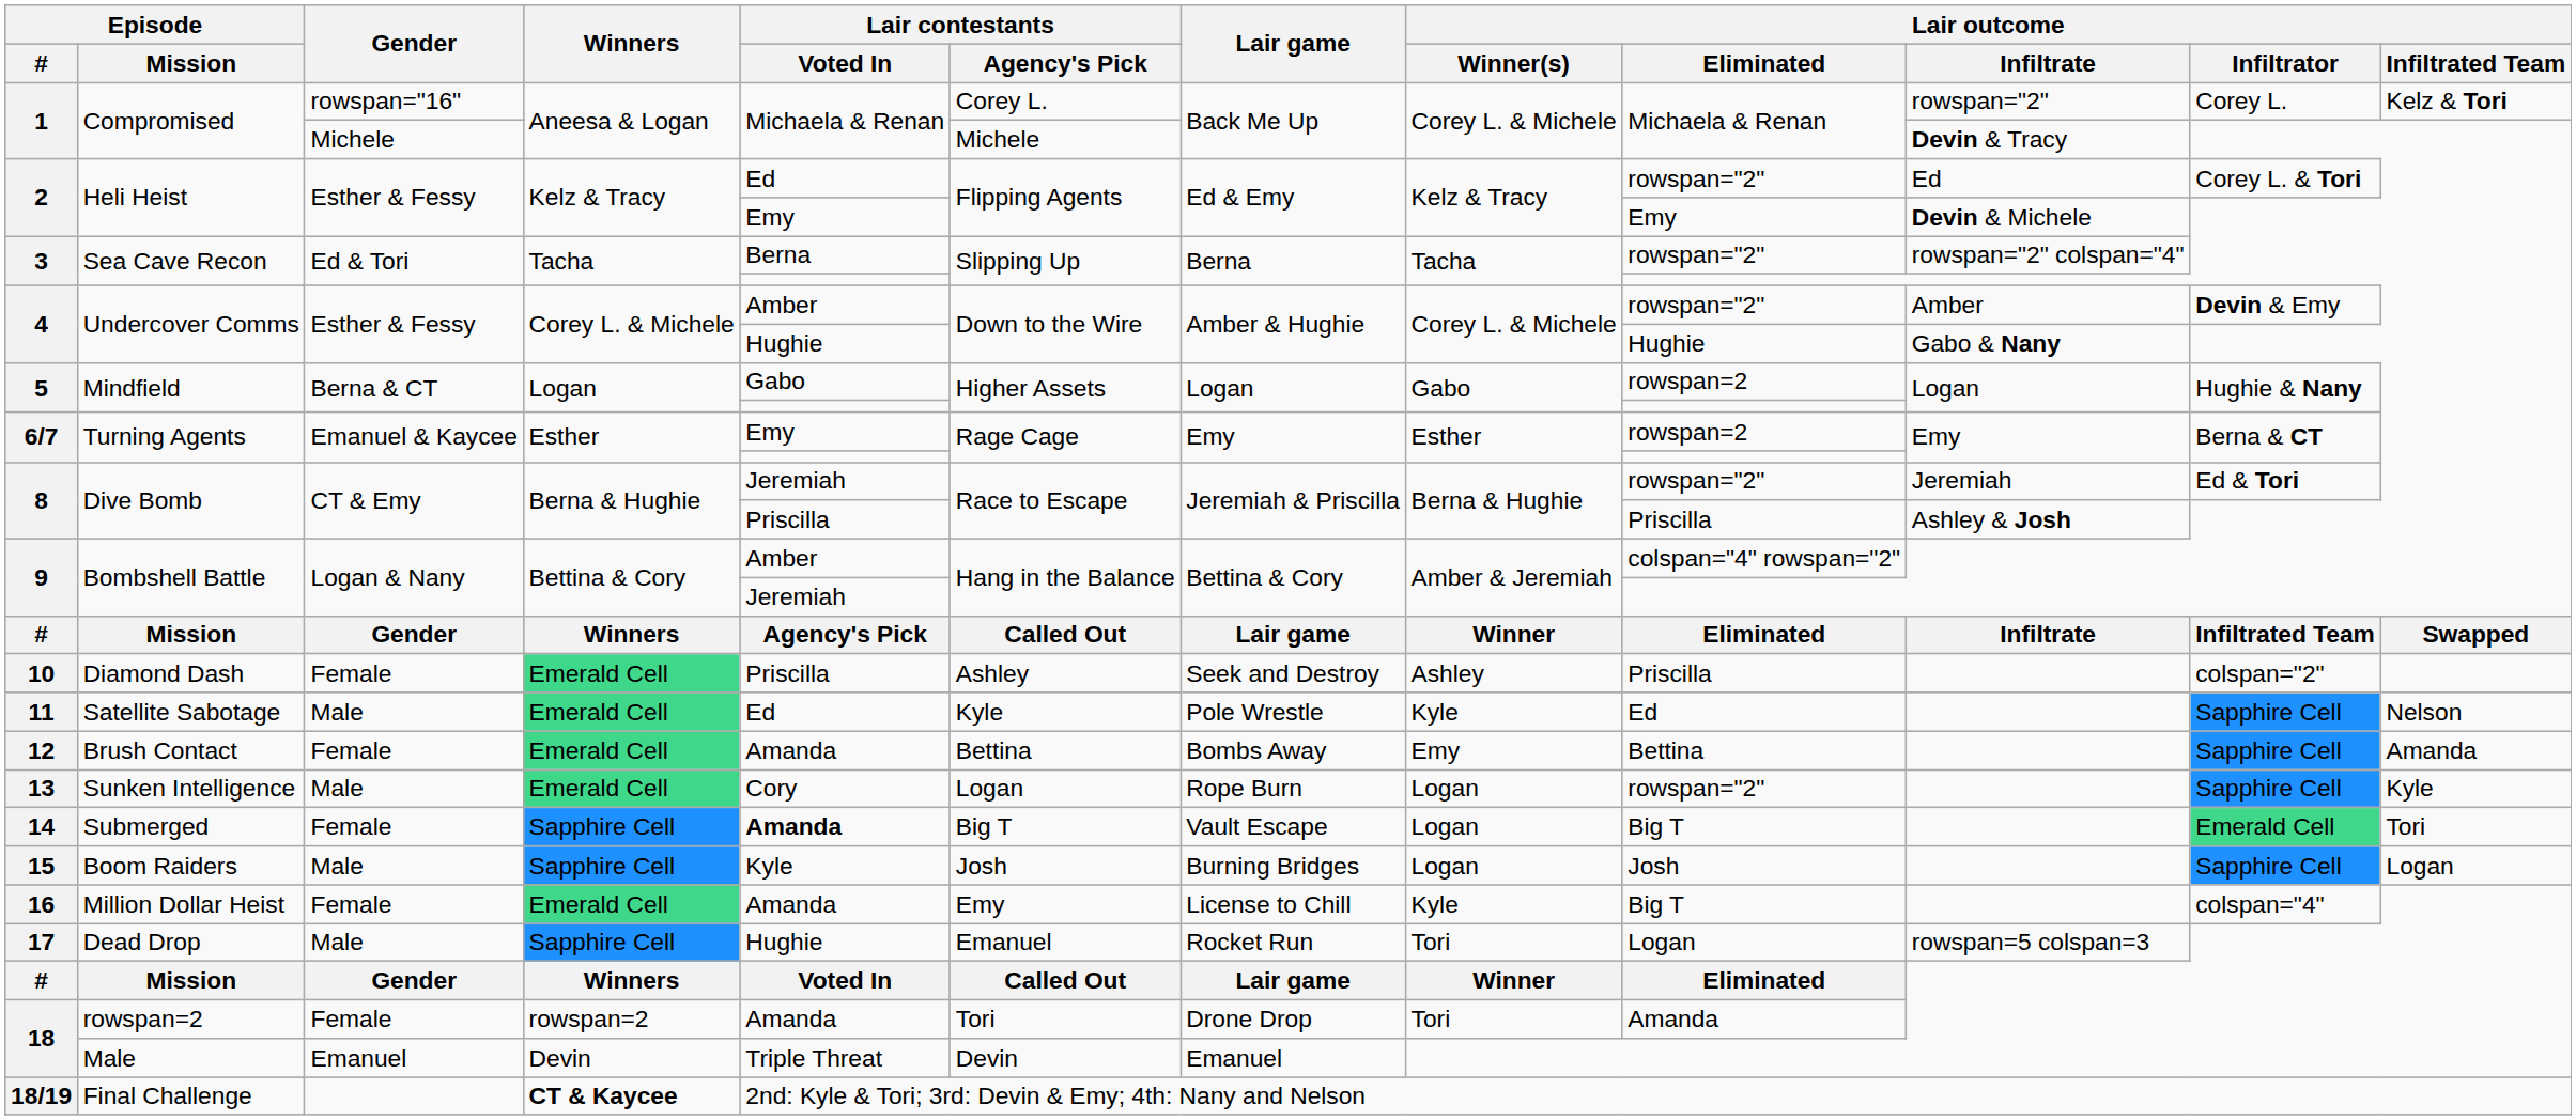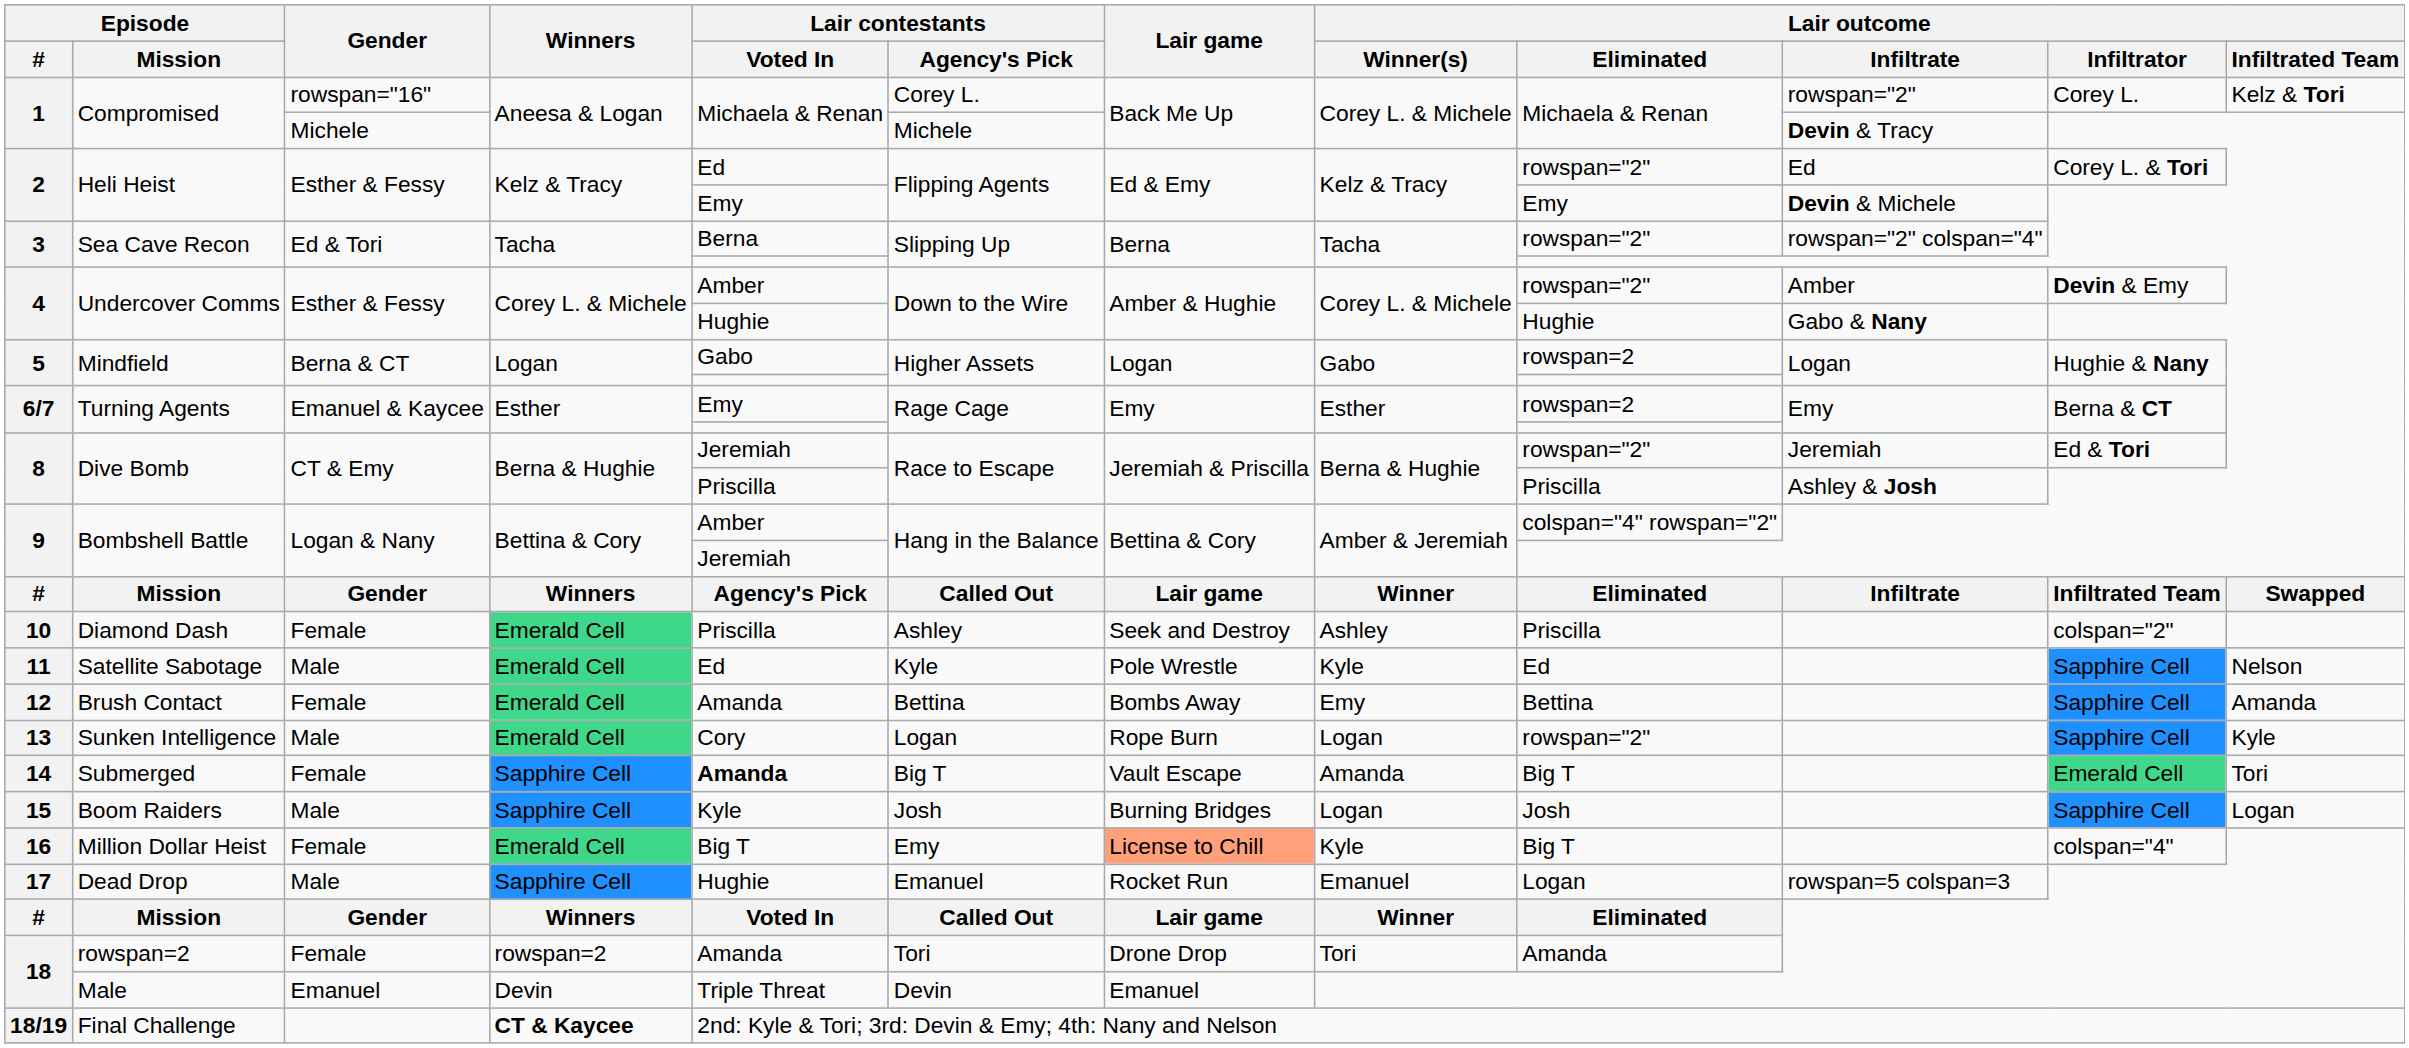 <table class="wikitable" style="font-size:90%; white-space:nowrap">
 <tr>
 <th colspan="2">Episode</th>
 <th rowspan="2">Gender</th>
 <th rowspan="2">Winners</th>
 <th colspan="2">Lair contestants</th>
 <th rowspan="2">Lair game</th>
 <th colspan="5">Lair outcome</th>
 </tr>
 <tr>
 <th>#</th>
 <th>Mission</th>
 <th>Voted In</th>
 <th>Agency's Pick</th>
 <th>Winner(s)</th>
 <th>Eliminated</th>
 <th>Infiltrate</th>
 <th>Infiltrator</th>
 <th>Infiltrated Team</th>
 </tr>
 <tr>
 <th rowspan="2">1</th>
 <td rowspan="2">Compromised</td>
 <td>rowspan="16" </td>
 <td rowspan="2">Aneesa & Logan</td>
 <td rowspan="2">Michaela & Renan</td>
 <td>Corey L.</td>
 <td rowspan="2">Back Me Up</td>
 <td rowspan="2">Corey L. & Michele</td>
 <td rowspan="2">Michaela & Renan</td>
 <td>rowspan="2" </td>
 <td>Corey L.</td>
 <td>Kelz & <strong>Tori</strong></td>
 </tr>
 <tr>
 <td>Michele</td>
 <td>Michele</td>
 <td><strong>Devin</strong> & Tracy</td>
 </tr>
 <tr>
 <th rowspan="2">2</th>
 <td rowspan="2">Heli Heist</td>
 <td rowspan="2">Esther & Fessy</td>
 <td rowspan="2">Kelz & Tracy</td>
 <td>Ed</td>
 <td rowspan="2">Flipping Agents</td>
 <td rowspan="2">Ed & Emy</td>
 <td rowspan="2">Kelz & Tracy</td>
 <td>rowspan="2" </td>
 <td>Ed</td>
 <td>Corey L. & <strong>Tori</strong></td>
 </tr>
 <tr>
 <td>Emy</td>
 <td>Emy</td>
 <td><strong>Devin</strong> & Michele</td>
 </tr>
 <tr>
 <th rowspan="2">3</th>
 <td rowspan="2">Sea Cave Recon</td>
 <td rowspan="2">Ed & Tori</td>
 <td rowspan="2"> Tacha</td>
 <td>Berna</td>
 <td rowspan="2">Slipping Up</td>
 <td rowspan="2">Berna</td>
 <td rowspan="2">Tacha</td>
 <td>rowspan="2" </td>
 <td>rowspan="2" colspan="4" </td>
 </tr>
 <tr>
 <td></td>
 </tr>
 <tr>
 <th rowspan="2">4</th>
 <td rowspan="2">Undercover Comms</td>
 <td rowspan="2">Esther & Fessy</td>
 <td rowspan="2">Corey L. & Michele</td>
 <td>Amber</td>
 <td rowspan="2">Down to the Wire</td>
 <td rowspan="2">Amber & Hughie</td>
 <td rowspan="2">Corey L. & Michele</td>
 <td>rowspan="2" </td>
 <td>Amber</td>
 <td><strong>Devin</strong> & Emy</td>
 </tr>
 <tr>
 <td>Hughie</td>
 <td>Hughie</td>
 <td>Gabo & <strong>Nany</strong></td>
 </tr>
 <tr>
 <th rowspan=2>5</th>
 <td rowspan=2>Mindfield</td>
 <td rowspan=2>Berna & CT</td>
 <td rowspan=2> Logan</td>
 <td>Gabo</td>
 <td rowspan=2>Higher Assets</td>
 <td rowspan=2>Logan</td>
 <td rowspan=2>Gabo</td>
 <td>rowspan=2 </td>
 <td rowspan=2>Logan</td>
 <td rowspan=2>Hughie & <strong>Nany</strong></td>
 </tr>
 <tr>
 <td></td>
 </tr>
 <tr>
 <th rowspan=2>6/7</th>
 <td rowspan=2>Turning Agents</td>
 <td rowspan=2>Emanuel & Kaycee</td>
 <td rowspan=2>Esther </td>
 <td>Emy</td>
 <td rowspan=2>Rage Cage</td>
 <td rowspan=2>Emy</td>
 <td rowspan=2>Esther</td>
 <td>rowspan=2 </td>
 <td rowspan=2>Emy</td>
 <td rowspan=2>Berna & <strong>CT</strong></td>
 </tr>
 <tr>
 <td></td>
 </tr>
 <tr>
 <th rowspan="2">8</th>
 <td rowspan="2">Dive Bomb</td>
 <td rowspan="2">CT & Emy</td>
 <td rowspan="2">Berna & Hughie</td>
 <td>Jeremiah</td>
 <td rowspan="2">Race to Escape</td>
 <td rowspan="2">Jeremiah & Priscilla</td>
 <td rowspan="2">Berna & Hughie</td>
 <td>rowspan="2" </td>
 <td>Jeremiah</td>
 <td>Ed & <strong>Tori</strong></td>
 </tr>
 <tr>
 <td>Priscilla</td>
 <td>Priscilla</td>
 <td>Ashley & <strong>Josh</strong></td>
 </tr>
 <tr>
 <th rowspan="2">9</th>
 <td rowspan="2">Bombshell Battle</td>
 <td rowspan="2">Logan & Nany</td>
 <td rowspan="2">Bettina & Cory</td>
 <td>Amber</td>
 <td rowspan="2">Hang in the Balance</td>
 <td rowspan="2">Bettina & Cory</td>
 <td rowspan="2">Amber & Jeremiah</td>
 <td>colspan="4" rowspan="2" </td>
 </tr>
 <tr>
 <td>Jeremiah</td>
 </tr>
 <tr>
 <th>#</th>
 <th>Mission</th>
 <th>Gender</th>
 <th>Winners</th>
 <th>Agency's Pick</th>
 <th>Called Out</th>
 <th>Lair game</th>
 <th>Winner</th>
 <th>Eliminated</th>
 <th>Infiltrate</th>
 <th>Infiltrated Team</th>
 <th>Swapped</th>
 </tr>
 <tr>
 <th>10</th>
 <td>Diamond Dash</td>
 <td>Female</td>
 <td bgcolor="3FD88A">Emerald Cell</td>
 <td>Priscilla</td>
 <td>Ashley</td>
 <td>Seek and Destroy</td>
 <td>Ashley</td>
 <td>Priscilla</td>
 <td></td>
 <td>colspan="2" </td>
 </tr>
 <tr>
 <th>11</th>
 <td>Satellite Sabotage</td>
 <td>Male</td>
 <td bgcolor="3FD88A">Emerald Cell</td>
 <td>Ed</td>
 <td>Kyle</td>
 <td>Pole Wrestle</td>
 <td>Kyle</td>
 <td>Ed</td>
 <td></td>
 <td bgcolor="dodgerblue">Sapphire Cell</td>
 <td>Nelson</td>
 </tr>
 <tr>
 <th>12</th>
 <td>Brush Contact</td>
 <td>Female</td>
 <td bgcolor="3FD88A">Emerald Cell</td>
 <td>Amanda</td>
 <td>Bettina</td>
 <td>Bombs Away</td>
 <td>Emy</td>
 <td>Bettina</td>
 <td></td>
 <td bgcolor="dodgerblue">Sapphire Cell</td>
 <td>Amanda</td>
 </tr>
 <tr>
 <th>13</th>
 <td>Sunken Intelligence</td>
 <td>Male</td>
 <td bgcolor="3FD88A">Emerald Cell</td>
 <td>Cory</td>
 <td>Logan</td>
 <td>Rope Burn</td>
 <td>Logan</td>
 <td>rowspan="2" </td>
 <td></td>
 <td bgcolor="dodgerblue">Sapphire Cell</td>
 <td>Kyle</td>
 </tr>
 <tr>
 <th>14</th>
 <td>Submerged</td>
 <td>Female</td>
 <td bgcolor="dodgerblue">Sapphire Cell</td>
 <td><strong>Amanda</strong></td>
 <td>Big T</td>
 <td>Vault Escape</td>
-<td>Logan</td>
+<td>Amanda</td>
 <td>Big T</td>
 <td></td>
 <td bgcolor="3FD88A">Emerald Cell</td>
 <td>Tori</td>
 </tr>
 <tr>
 <th>15</th>
 <td>Boom Raiders</td>
 <td>Male</td>
 <td bgcolor="dodgerblue">Sapphire Cell</td>
 <td>Kyle</td>
 <td>Josh</td>
 <td>Burning Bridges</td>
 <td>Logan</td>
 <td>Josh</td>
 <td></td>
 <td bgcolor="dodgerblue">Sapphire Cell</td>
 <td>Logan</td>
 </tr>
 <tr>
 <th>16</th>
 <td>Million Dollar Heist</td>
 <td>Female</td>
 <td bgcolor="3FD88A">Emerald Cell</td>
-<td>Amanda</td>
+<td>Big T</td>
 <td>Emy</td>
-<td>License to Chill</td>
+<td style="background: lightsalmon;">License to Chill</td>
 <td>Kyle</td>
 <td>Big T</td>
 <td></td>
 <td>colspan="4" </td>
 </tr>
 <tr>
 <th>17</th>
 <td>Dead Drop</td>
 <td>Male</td>
 <td bgcolor="dodgerblue">Sapphire Cell</td>
 <td>Hughie</td>
 <td>Emanuel</td>
 <td>Rocket Run</td>
-<td>Tori</td>
+<td>Emanuel</td>
 <td>Logan</td>
 <td>rowspan=5 colspan=3 </td>
 </tr>
 <tr>
 <th>#</th>
 <th>Mission</th>
 <th>Gender</th>
 <th>Winners</th>
 <th>Voted In</th>
 <th>Called Out</th>
 <th>Lair game</th>
 <th>Winner</th>
 <th>Eliminated</th>
 </tr>
 <tr>
 <th rowspan=2>18</th>
 <td>rowspan=2 </td>
 <td>Female</td>
 <td>rowspan=2 </td>
 <td>Amanda</td>
 <td>Tori</td>
 <td>Drone Drop</td>
 <td>Tori</td>
 <td>Amanda</td>
 </tr>
 <tr>
 <td>Male</td>
 <td>Emanuel</td>
 <td>Devin</td>
 <td>Triple Threat</td>
 <td>Devin</td>
 <td>Emanuel</td>
 </tr>
 <tr>
 <th rowspan=2>18/19</th>
 <td>Final Challenge</td>
 <td></td>
 <td><strong>CT & Kaycee</strong></td>
 <td colspan=12>2nd: Kyle & Tori; 3rd: Devin & Emy; 4th: Nany and Nelson</td>
 </tr>
 </table>
